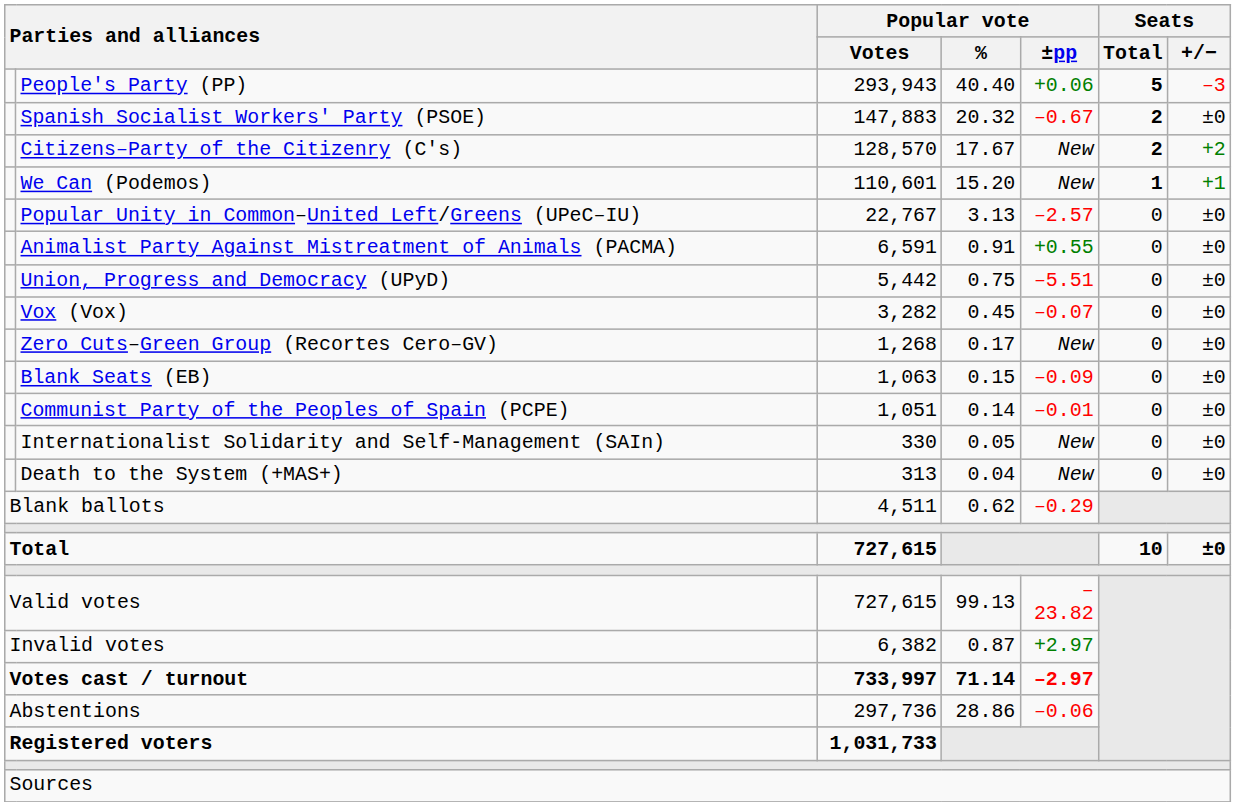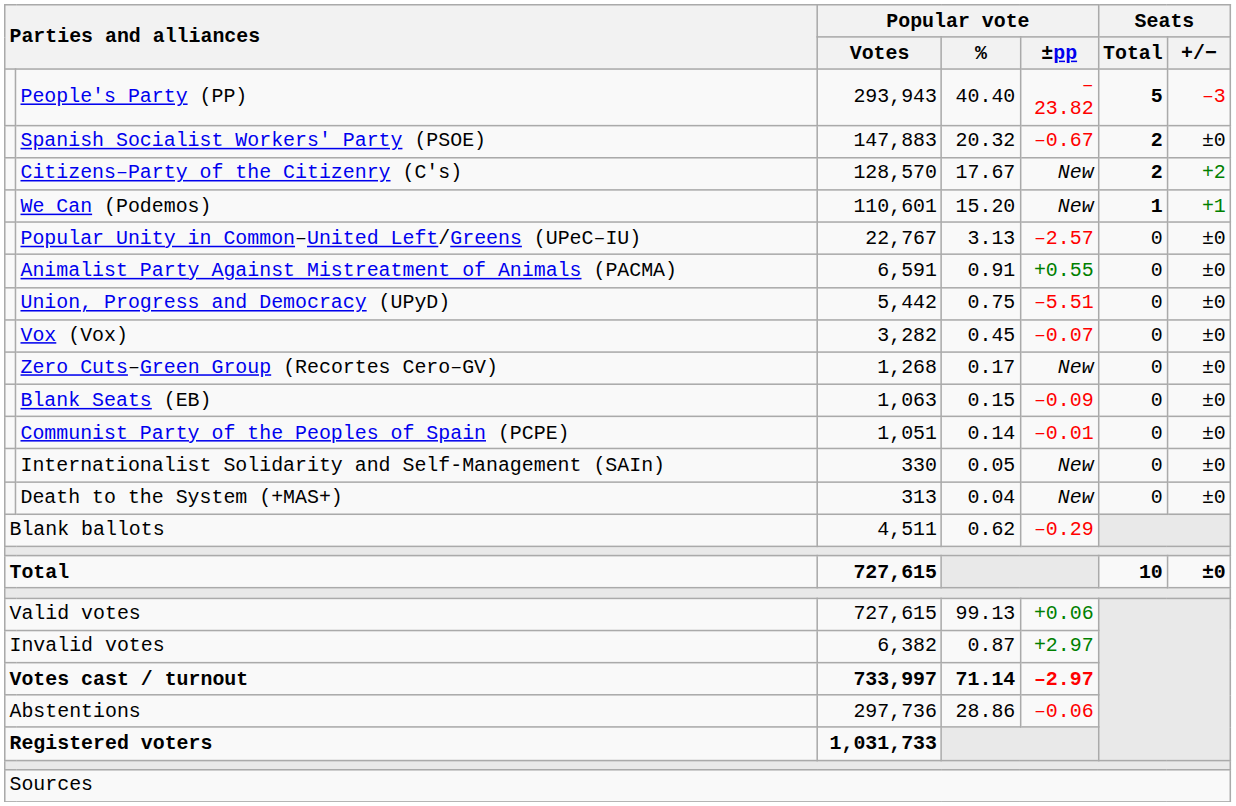 <table class="wikitable" style="text-align:right;">
 <tr>
 <th style="text-align:left;" rowspan="2" colspan="2" width="525">Parties and alliances</th>
 <th colspan="3">Popular vote</th>
 <th colspan="2">Seats</th>
 </tr>
 <tr>
 <th width="75">Votes</th>
 <th width="45">%</th>
 <th width="45">±<a href='#'>pp</a></th>
 <th width="35">Total</th>
 <th width="35">+/−</th>
 </tr>
 <tr>
 <td width="1" style="color:inherit;background:"></td>
 <td align="left"><a href='#'>People's Party</a> (PP)</td>
 <td>293,943</td>
 <td>40.40</td>
-<td style="color:green;">+0.06</td>
+<td style="color:red;">–23.82</td>
 <td><strong>5</strong></td>
 <td style="color:red;">–3</td>
 </tr>
 <tr>
 <td style="color:inherit;background:"></td>
 <td align="left"><a href='#'>Spanish Socialist Workers' Party</a> (PSOE)</td>
 <td>147,883</td>
 <td>20.32</td>
 <td style="color:red;">–0.67</td>
 <td><strong>2</strong></td>
 <td>±0</td>
 </tr>
 <tr>
 <td style="color:inherit;background:"></td>
 <td align="left"><a href='#'>Citizens–Party of the Citizenry</a> (C's)</td>
 <td>128,570</td>
 <td>17.67</td>
 <td><em>New</em></td>
 <td><strong>2</strong></td>
 <td style="color:green;">+2</td>
 </tr>
 <tr>
 <td style="color:inherit;background:"></td>
 <td align="left"><a href='#'>We Can</a> (Podemos)</td>
 <td>110,601</td>
 <td>15.20</td>
 <td><em>New</em></td>
 <td><strong>1</strong></td>
 <td style="color:green;">+1</td>
 </tr>
 <tr>
 <td style="color:inherit;background:"></td>
 <td align="left"><a href='#'>Popular Unity in Common</a>–<a href='#'>United Left</a>/<a href='#'>Greens</a> (UPeC–IU)</td>
 <td>22,767</td>
 <td>3.13</td>
 <td style="color:red;">–2.57</td>
 <td>0</td>
 <td>±0</td>
 </tr>
 <tr>
 <td style="color:inherit;background:"></td>
 <td align="left"><a href='#'>Animalist Party Against Mistreatment of Animals</a> (PACMA)</td>
 <td>6,591</td>
 <td>0.91</td>
 <td style="color:green;">+0.55</td>
 <td>0</td>
 <td>±0</td>
 </tr>
 <tr>
 <td style="color:inherit;background:"></td>
 <td align="left"><a href='#'>Union, Progress and Democracy</a> (UPyD)</td>
 <td>5,442</td>
 <td>0.75</td>
 <td style="color:red;">–5.51</td>
 <td>0</td>
 <td>±0</td>
 </tr>
 <tr>
 <td style="color:inherit;background:"></td>
 <td align="left"><a href='#'>Vox</a> (Vox)</td>
 <td>3,282</td>
 <td>0.45</td>
 <td style="color:red;">–0.07</td>
 <td>0</td>
 <td>±0</td>
 </tr>
 <tr>
 <td style="color:inherit;background:"></td>
 <td align="left"><a href='#'>Zero Cuts</a>–<a href='#'>Green Group</a> (Recortes Cero–GV)</td>
 <td>1,268</td>
 <td>0.17</td>
 <td><em>New</em></td>
 <td>0</td>
 <td>±0</td>
 </tr>
 <tr>
 <td style="color:inherit;background:"></td>
 <td align="left"><a href='#'>Blank Seats</a> (EB)</td>
 <td>1,063</td>
 <td>0.15</td>
 <td style="color:red;">–0.09</td>
 <td>0</td>
 <td>±0</td>
 </tr>
 <tr>
 <td style="color:inherit;background:"></td>
 <td align="left"><a href='#'>Communist Party of the Peoples of Spain</a> (PCPE)</td>
 <td>1,051</td>
 <td>0.14</td>
 <td style="color:red;">–0.01</td>
 <td>0</td>
 <td>±0</td>
 </tr>
 <tr>
 <td style="color:inherit;background:"></td>
 <td align="left">Internationalist Solidarity and Self-Management (SAIn)</td>
 <td>330</td>
 <td>0.05</td>
 <td><em>New</em></td>
 <td>0</td>
 <td>±0</td>
 </tr>
 <tr>
 <td style="color:inherit;background:"></td>
 <td align="left">Death to the System (+MAS+)</td>
 <td>313</td>
 <td>0.04</td>
 <td><em>New</em></td>
 <td>0</td>
 <td>±0</td>
 </tr>
 <tr>
 <td align="left" colspan="2">Blank ballots</td>
 <td>4,511</td>
 <td>0.62</td>
 <td style="color:red;">–0.29</td>
 <td bgcolor="#E9E9E9" colspan="2"></td>
 </tr>
 <tr>
 <td colspan="7" bgcolor="#E9E9E9"></td>
 </tr>
 <tr style="font-weight:bold;">
 <td align="left" colspan="2">Total</td>
 <td>727,615</td>
 <td bgcolor="#E9E9E9" colspan="2"></td>
 <td>10</td>
 <td>±0</td>
 </tr>
 <tr>
 <td colspan="7" bgcolor="#E9E9E9"></td>
 </tr>
 <tr>
 <td align="left" colspan="2">Valid votes</td>
 <td>727,615</td>
 <td>99.13</td>
-<td style="color:red;">–23.82</td>
+<td style="color:green;">+0.06</td>
 <td bgcolor="#E9E9E9" colspan="2" rowspan="5"></td>
 </tr>
 <tr>
 <td align="left" colspan="2">Invalid votes</td>
 <td>6,382</td>
 <td>0.87</td>
 <td style="color:green;">+2.97</td>
 </tr>
 <tr style="font-weight:bold;">
 <td align="left" colspan="2">Votes cast / turnout</td>
 <td>733,997</td>
 <td>71.14</td>
 <td style="color:red;">–2.97</td>
 </tr>
 <tr>
 <td align="left" colspan="2">Abstentions</td>
 <td>297,736</td>
 <td>28.86</td>
 <td style="color:red;">–0.06</td>
 </tr>
 <tr style="font-weight:bold;">
 <td align="left" colspan="2">Registered voters</td>
 <td>1,031,733</td>
 <td bgcolor="#E9E9E9" colspan="2"></td>
 </tr>
 <tr>
 <td colspan="7" bgcolor="#E9E9E9"></td>
 </tr>
 <tr>
 <td align="left" colspan="7">Sources</td>
 </tr>
 </table>
